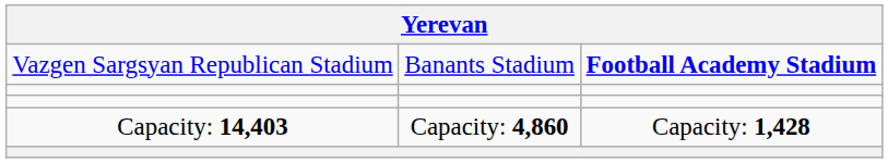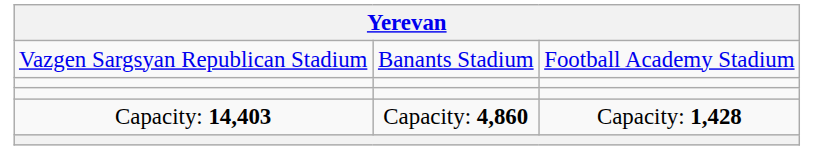 <table class=wikitable style="text-align:center;margin:1em auto;">
 <tr>
 <th colspan=3><a href='#'>Yerevan</a></th>
 </tr>
 <tr>
 <td><a href='#'>Vazgen Sargsyan Republican Stadium</a></td>
 <td><a href='#'>Banants Stadium</a></td>
-<td><strong><a href='#'>Football Academy Stadium</a></strong></td>
+<td><a href='#'>Football Academy Stadium</a></td>
 </tr>
 <tr>
 <td></td>
 <td></td>
 <td></td>
 </tr>
 <tr>
 <td><small></small></td>
 <td><small></small></td>
 <td><small></small></td>
 </tr>
 <tr>
 <td>Capacity: <strong>14,403</strong></td>
 <td>Capacity: <strong>4,860</strong></td>
 <td>Capacity: <strong>1,428</strong></td>
 </tr>
 <tr>
 <th rowspan=15 colspan=4></th>
 </tr>
 </table>
